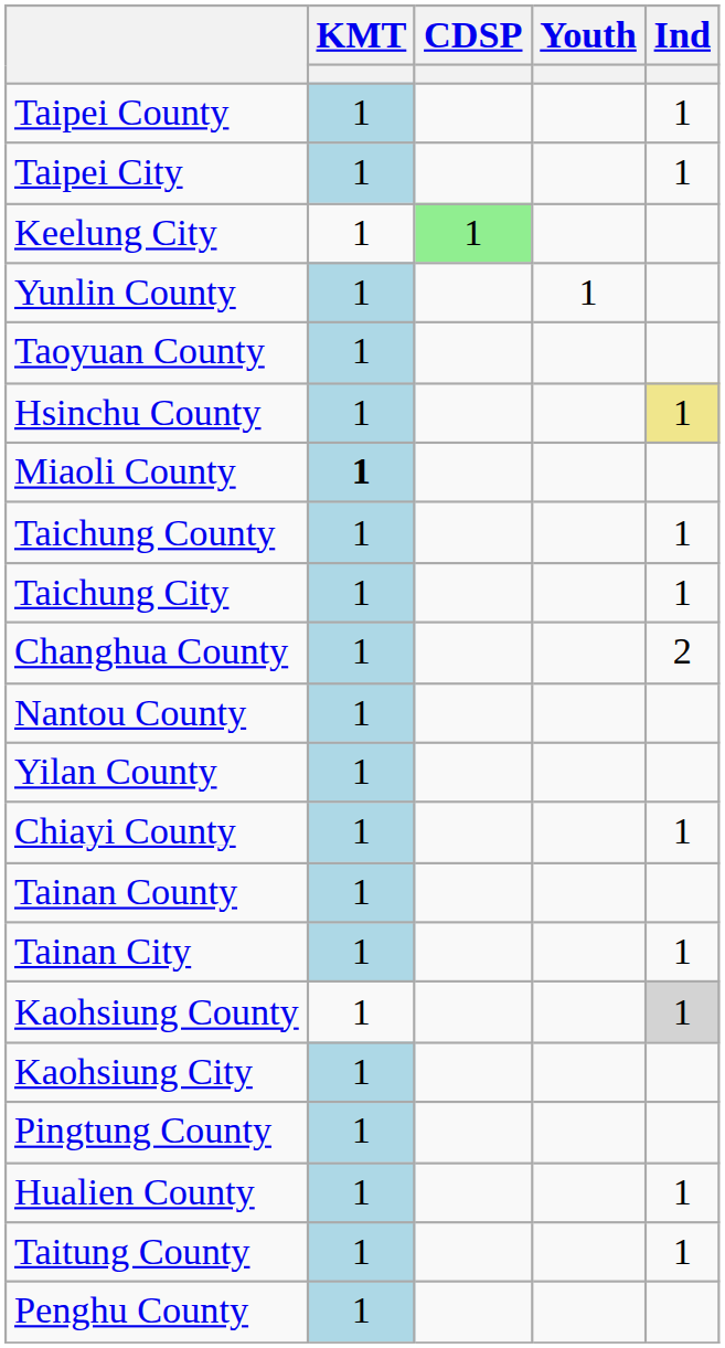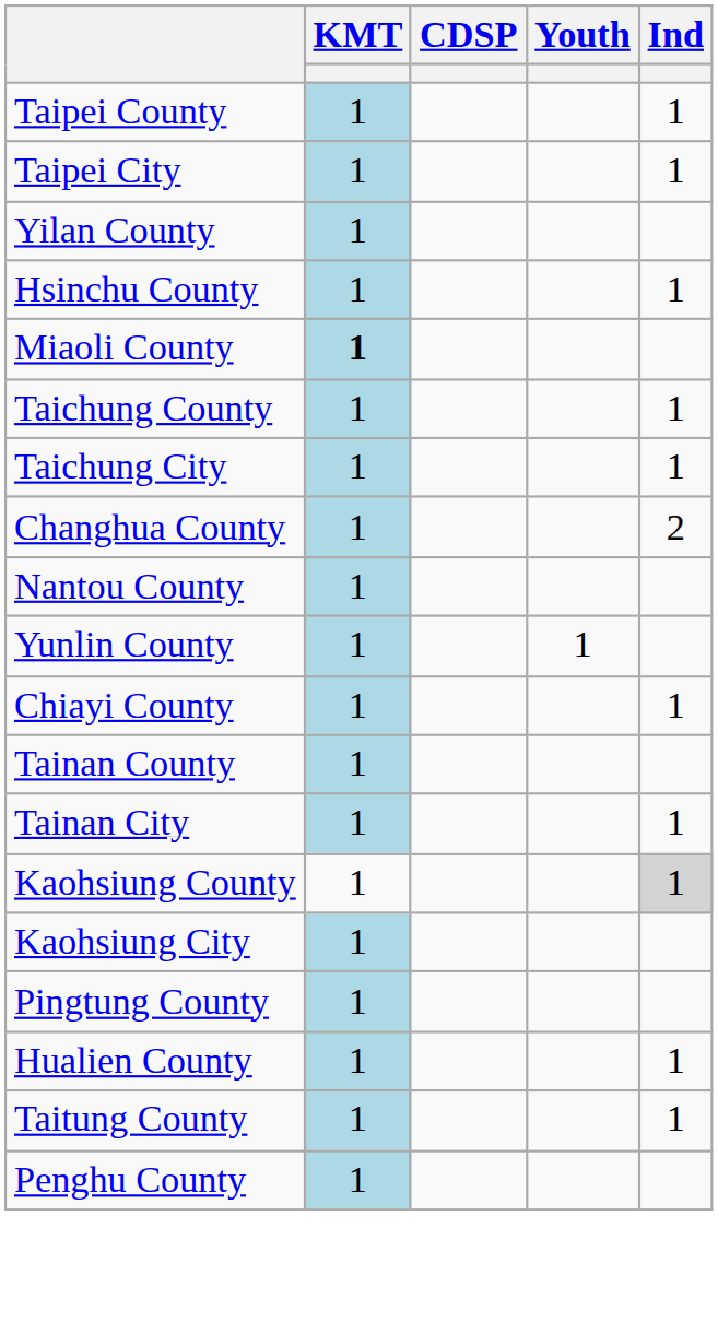 <table class="wikitable" style="text-align:center;">
 <tr>
 <th rowspan="2"></th>
 <th><a href='#'>KMT</a></th>
 <th><a href='#'>CDSP</a></th>
 <th><a href='#'>Youth</a></th>
 <th><a href='#'>Ind</a></th>
 </tr>
 <tr>
 <th style="background:"></th>
 <th style="background:"></th>
 <th style="background:"></th>
 <th style="background:"></th>
 </tr>
 <tr>
 <td align="left"><a href='#'>Taipei County</a></td>
 <td bgcolor="lightblue">1</td>
 <td></td>
 <td></td>
 <td>1</td>
 </tr>
 <tr>
 <td align="left"><a href='#'>Taipei City</a></td>
 <td bgcolor="lightblue">1</td>
 <td></td>
 <td></td>
 <td>1</td>
 </tr>
 <tr>
-<td align="left"><a href='#'>Keelung City</a></td>
-<td>1</td>
-<td bgcolor="lightgreen">1</td>
-<td></td>
-<td></td>
-</tr>
-<tr>
-<td align="left"><a href='#'>Yunlin County</a></td>
-<td bgcolor="lightblue">1</td>
-<td></td>
-<td>1</td>
-<td></td>
-</tr>
-<tr>
-<td align="left"><a href='#'>Taoyuan County</a></td>
+<td align="left"><a href='#'>Yilan County</a></td>
 <td bgcolor="lightblue">1</td>
 <td></td>
 <td></td>
 <td></td>
 </tr>
 <tr>
 <td align="left"><a href='#'>Hsinchu County</a></td>
 <td bgcolor="lightblue">1</td>
 <td></td>
 <td></td>
-<td style="background: khaki;">1</td>
+<td>1</td>
 </tr>
 <tr>
 <td align="left"><a href='#'>Miaoli County</a></td>
 <td bgcolor="lightblue"><strong>1</strong></td>
 <td></td>
 <td></td>
 <td></td>
 </tr>
 <tr>
 <td align="left"><a href='#'>Taichung County</a></td>
 <td bgcolor="lightblue">1</td>
 <td></td>
 <td></td>
 <td>1</td>
 </tr>
 <tr>
 <td align="left"><a href='#'>Taichung City</a></td>
 <td bgcolor="lightblue">1</td>
 <td></td>
 <td></td>
 <td>1</td>
 </tr>
 <tr>
 <td align="left"><a href='#'>Changhua County</a></td>
 <td bgcolor="lightblue">1</td>
 <td></td>
 <td></td>
 <td>2</td>
 </tr>
 <tr>
 <td align="left"><a href='#'>Nantou County</a></td>
 <td bgcolor="lightblue">1</td>
 <td></td>
 <td></td>
 <td></td>
 </tr>
 <tr>
-<td align="left"><a href='#'>Yilan County</a></td>
+<td align="left"><a href='#'>Yunlin County</a></td>
 <td bgcolor="lightblue">1</td>
 <td></td>
-<td></td>
+<td>1</td>
 <td></td>
 </tr>
 <tr>
 <td align="left"><a href='#'>Chiayi County</a></td>
 <td bgcolor="lightblue">1</td>
 <td></td>
 <td></td>
 <td>1</td>
 </tr>
 <tr>
 <td align="left"><a href='#'>Tainan County</a></td>
 <td bgcolor="lightblue">1</td>
 <td></td>
 <td></td>
 <td></td>
 </tr>
 <tr>
 <td align="left"><a href='#'>Tainan City</a></td>
 <td bgcolor="lightblue">1</td>
 <td></td>
 <td></td>
 <td>1</td>
 </tr>
 <tr>
 <td align="left"><a href='#'>Kaohsiung County</a></td>
 <td>1</td>
 <td></td>
 <td></td>
 <td bgcolor="lightgray">1</td>
 </tr>
 <tr>
 <td align="left"><a href='#'>Kaohsiung City</a></td>
 <td bgcolor="lightblue">1</td>
 <td></td>
 <td></td>
 <td></td>
 </tr>
 <tr>
 <td align="left"><a href='#'>Pingtung County</a></td>
 <td bgcolor="lightblue">1</td>
 <td></td>
 <td></td>
 <td></td>
 </tr>
 <tr>
 <td align="left"><a href='#'>Hualien County</a></td>
 <td bgcolor="lightblue">1</td>
 <td></td>
 <td></td>
 <td>1</td>
 </tr>
 <tr>
 <td align="left"><a href='#'>Taitung County</a></td>
 <td bgcolor="lightblue">1</td>
 <td></td>
 <td></td>
 <td>1</td>
 </tr>
 <tr>
 <td align="left"><a href='#'>Penghu County</a></td>
 <td bgcolor="lightblue">1</td>
 <td></td>
 <td></td>
 <td></td>
 </tr>
 </table>
